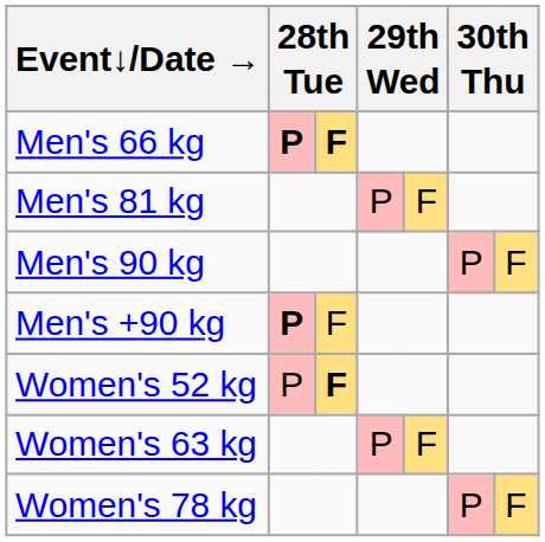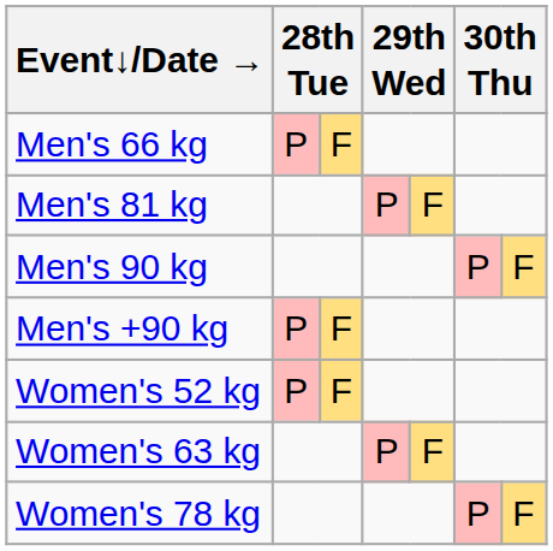 <table class="wikitable" style="margin:0.5em auto; font-size:90%; line-height:1.25em; text-align:center;">
 <tr>
 <th>Event↓/Date →</th>
 <th colspan=2>28th<br>Tue</th>
 <th colspan=2>29th<br>Wed</th>
 <th colspan=2>30th<br>Thu</th>
 </tr>
 <tr>
 <td align="left"><a href='#'>Men's 66 kg</a></td>
-<td bgcolor="#FFBBBB"><strong>P</strong></td>
-<td bgcolor="#FFDF80"><strong>F</strong></td>
+<td bgcolor="#FFBBBB">P</td>
+<td bgcolor="#FFDF80">F</td>
 <td colspan=2></td>
 <td colspan=2></td>
 </tr>
 <tr>
 <td align="left"><a href='#'>Men's 81 kg</a></td>
 <td colspan=2></td>
 <td bgcolor="#FFBBBB">P</td>
 <td bgcolor="#FFDF80">F</td>
 <td colspan=2></td>
 </tr>
 <tr>
 <td align="left"><a href='#'>Men's 90 kg</a></td>
 <td colspan=2></td>
 <td colspan=2></td>
 <td bgcolor="#FFBBBB">P</td>
 <td bgcolor="#FFDF80">F</td>
 </tr>
 <tr>
 <td align="left"><a href='#'>Men's +90 kg</a></td>
-<td bgcolor="#FFBBBB"><strong>P</strong></td>
+<td bgcolor="#FFBBBB">P</td>
 <td bgcolor="#FFDF80">F</td>
 <td colspan=2></td>
 <td colspan=2></td>
 </tr>
 <tr>
 <td align="left"><a href='#'>Women's 52 kg</a></td>
 <td bgcolor="#FFBBBB">P</td>
-<td bgcolor="#FFDF80"><strong>F</strong></td>
+<td bgcolor="#FFDF80">F</td>
 <td colspan=2></td>
 <td colspan=2></td>
 </tr>
 <tr>
 <td align="left"><a href='#'>Women's 63 kg</a></td>
 <td colspan=2></td>
 <td bgcolor="#FFBBBB">P</td>
 <td bgcolor="#FFDF80">F</td>
 <td colspan=2></td>
 </tr>
 <tr>
 <td align="left"><a href='#'>Women's 78 kg</a></td>
 <td colspan=2></td>
 <td colspan=2></td>
 <td bgcolor="#FFBBBB">P</td>
 <td bgcolor="#FFDF80">F</td>
 </tr>
 </table>
